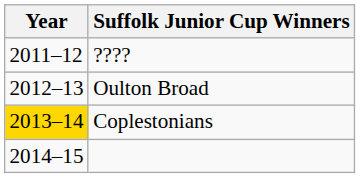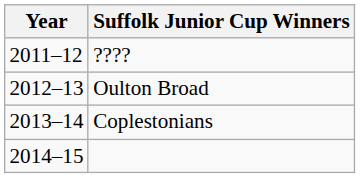 <table class="wikitable" style="float:left; margin-right:1em">
 <tr>
 <th>Year</th>
 <th>Suffolk Junior Cup Winners</th>
 </tr>
 <tr>
 <td>2011–12</td>
 <td>????</td>
 </tr>
 <tr>
 <td>2012–13</td>
 <td>Oulton Broad</td>
 </tr>
 <tr>
-<td style="background: gold;">2013–14</td>
+<td>2013–14</td>
 <td>Coplestonians</td>
 </tr>
 <tr>
 <td>2014–15</td>
 <td></td>
 </tr>
 </table>
